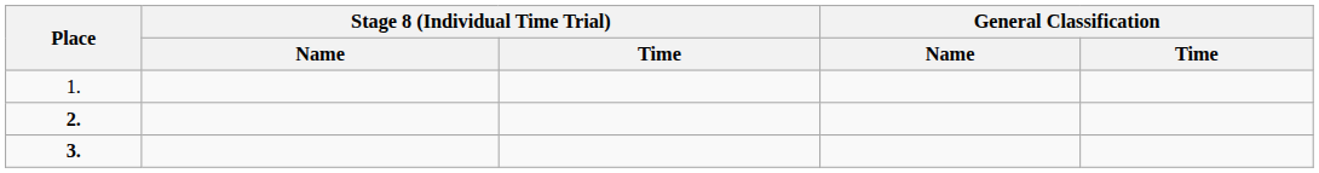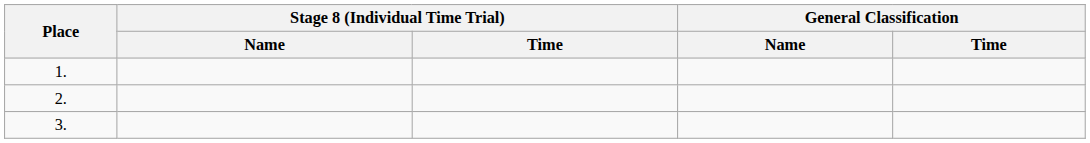 <table class="wikitable"  style="font-size:95%; width:80%;">
 <tr>
 <th rowspan="2">Place</th>
 <th colspan="2">Stage 8 (Individual Time Trial)</th>
 <th colspan="2">General Classification</th>
 </tr>
 <tr>
 <th>Name</th>
 <th>Time</th>
 <th>Name</th>
 <th>Time</th>
 </tr>
 <tr>
 <td style="text-align:center;">1.</td>
 <td></td>
 <td></td>
 <td></td>
 <td></td>
 </tr>
 <tr>
-<td style="text-align:center;"><strong>2.</strong></td>
+<td style="text-align:center;">2.</td>
 <td></td>
 <td></td>
 <td></td>
 <td></td>
 </tr>
 <tr>
-<td style="text-align:center;"><strong>3.</strong></td>
+<td style="text-align:center;">3.</td>
 <td></td>
 <td></td>
 <td></td>
 <td></td>
 </tr>
 </table>
